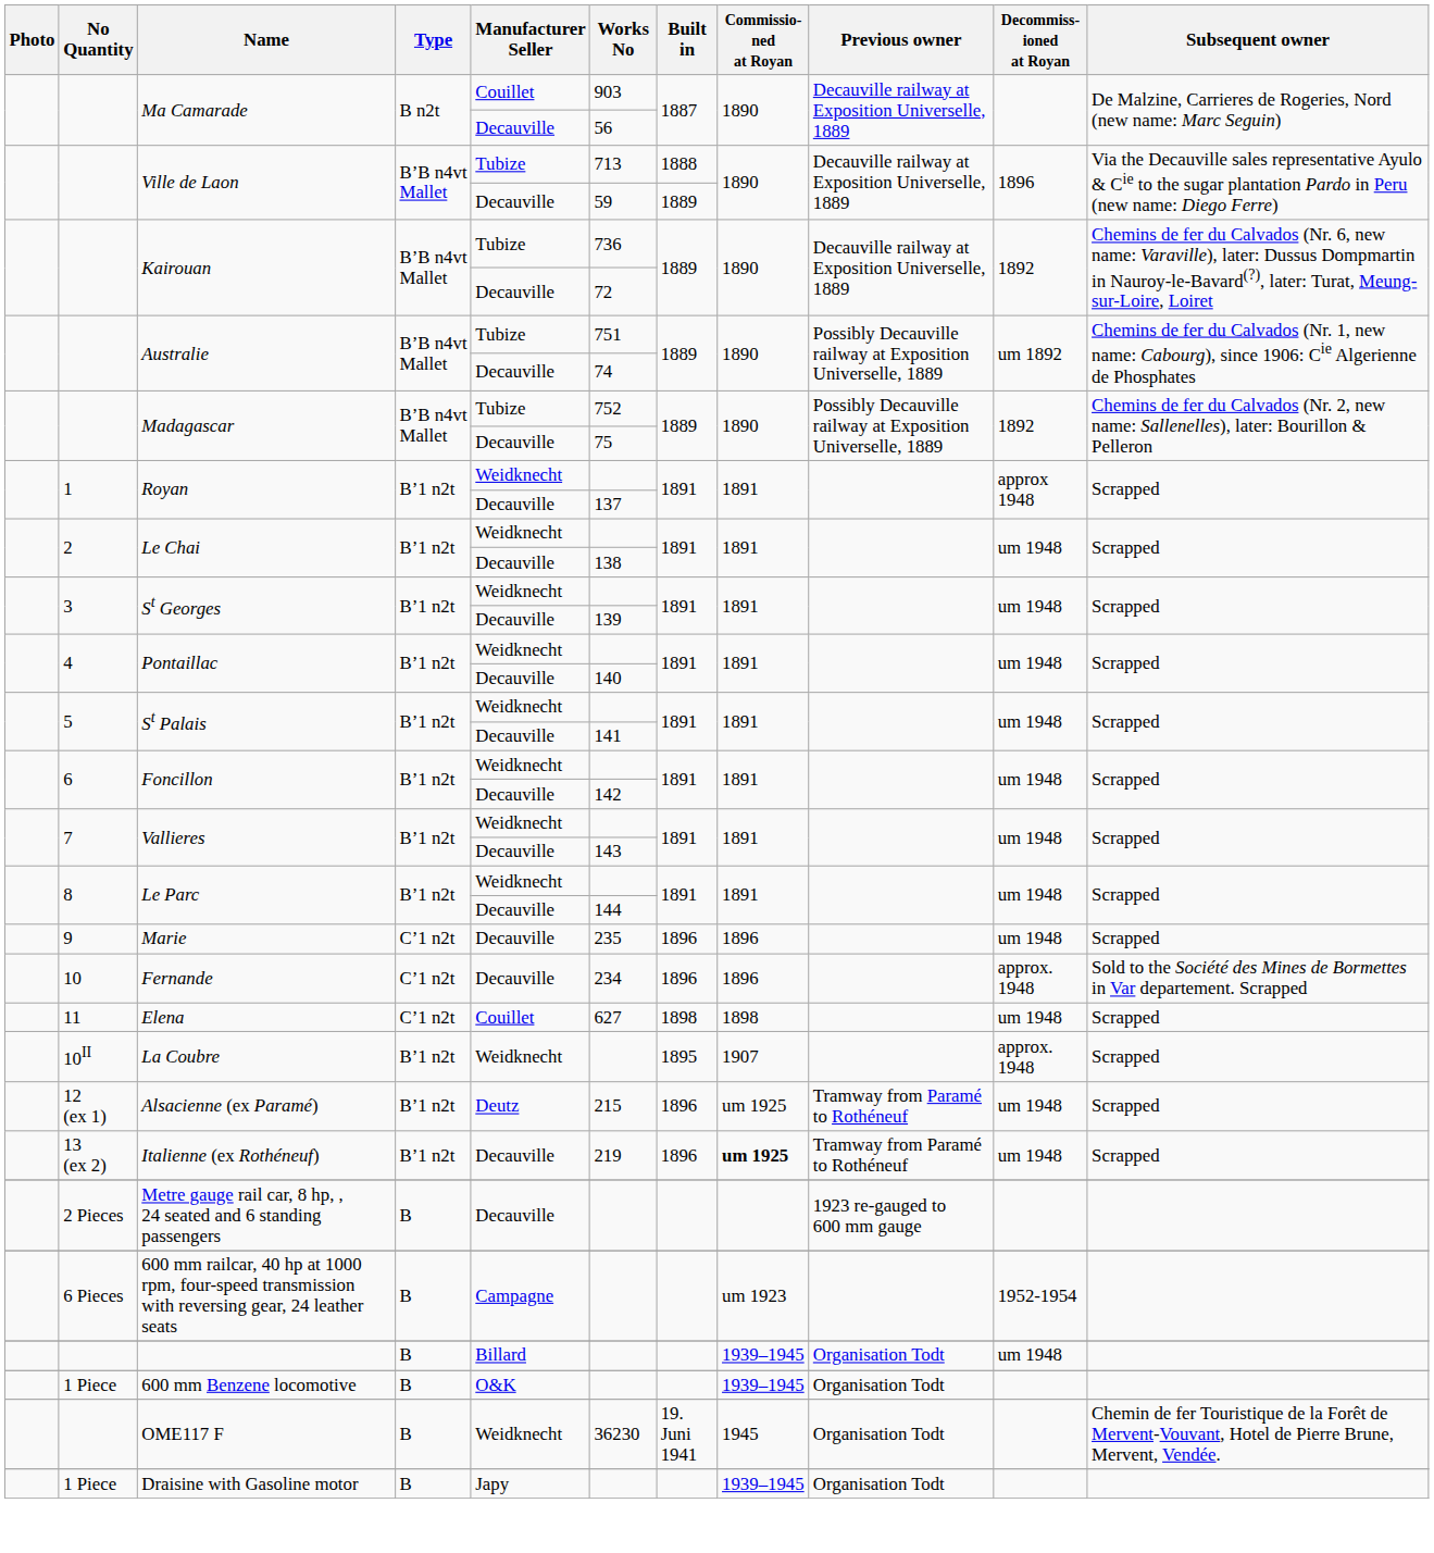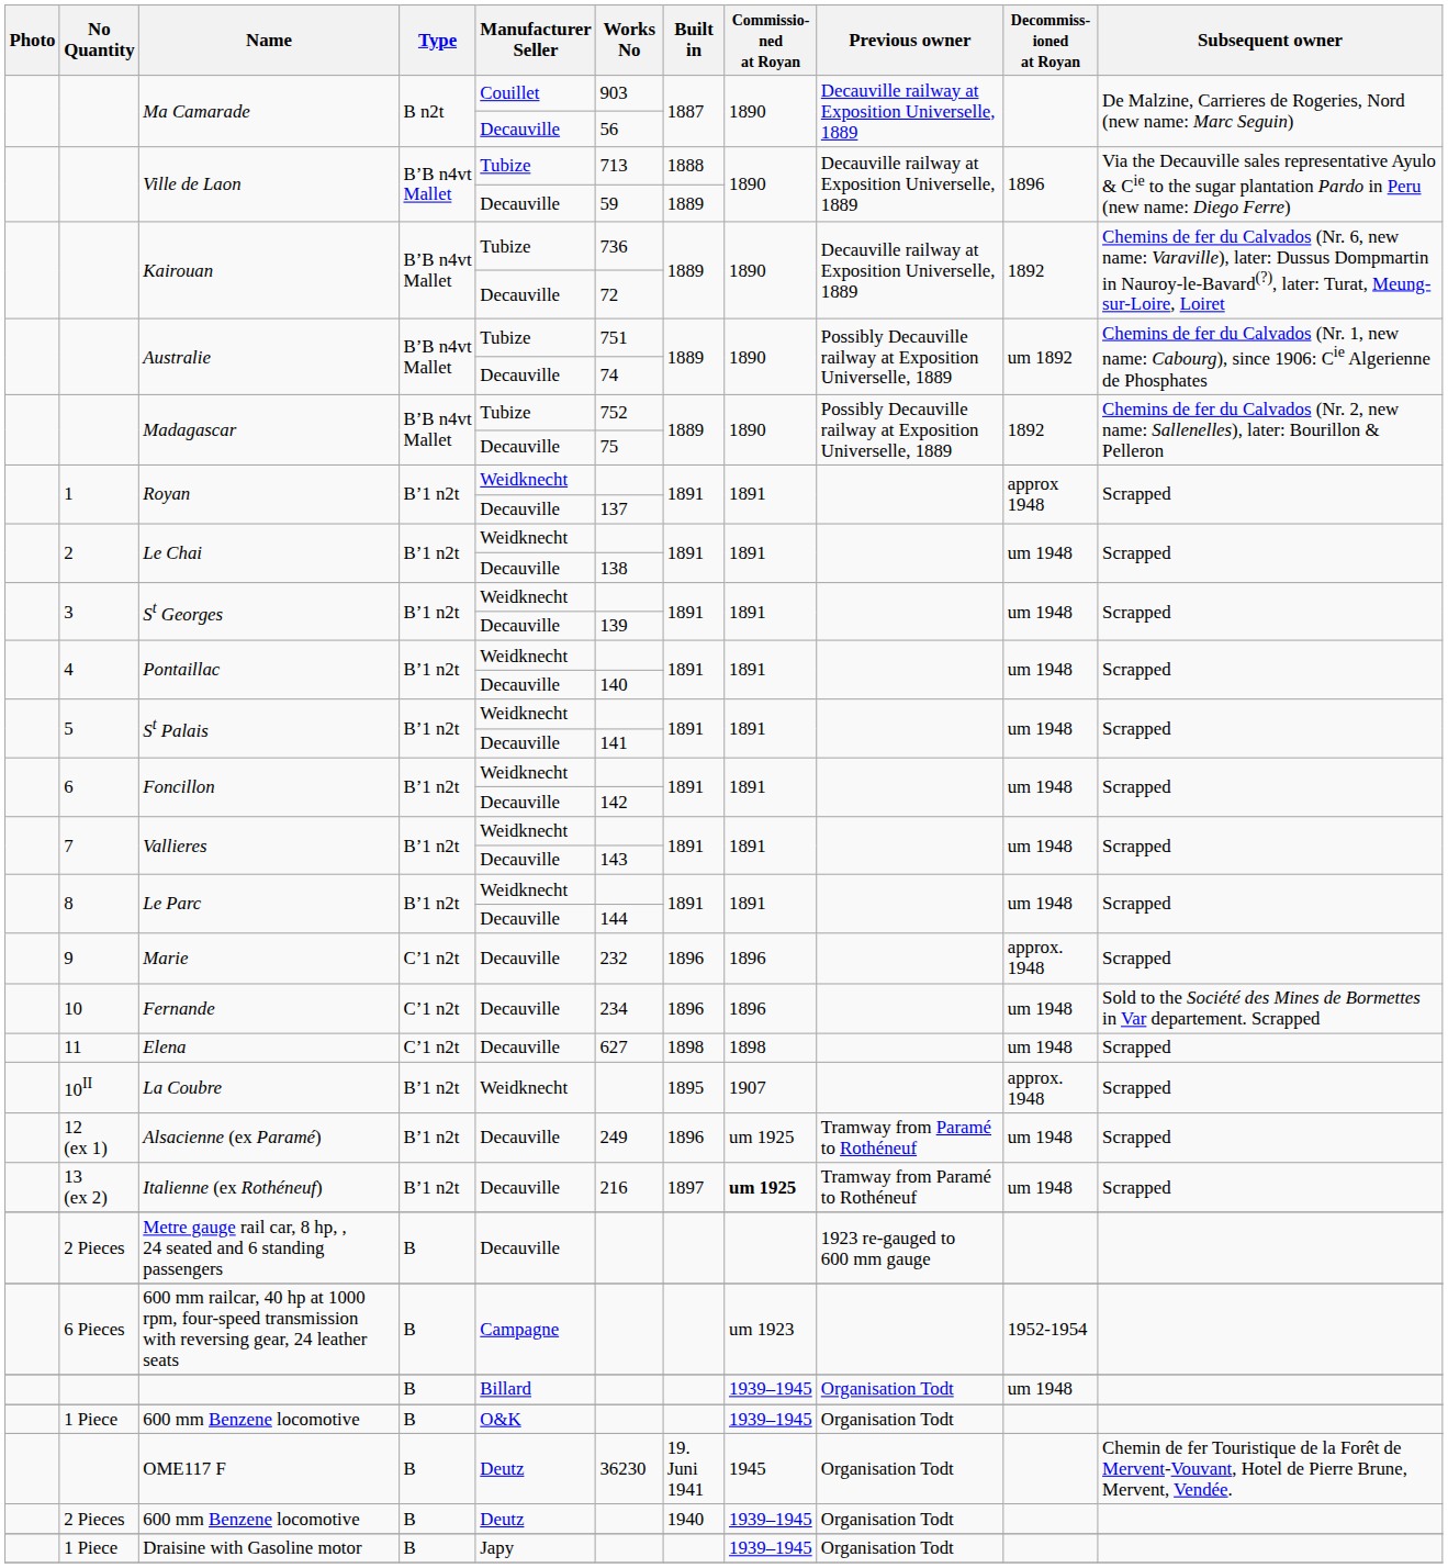 <table class="wikitable">
 <tr>
 <th>Photo</th>
 <th>No<br>Quantity</th>
 <th>Name</th>
 <th><a href='#'>Type</a></th>
 <th>Manufacturer<br> Seller</th>
 <th>Works No</th>
 <th>Built in</th>
 <th><small>Commis­sio­ned at Royan</small></th>
 <th>Previous owner</th>
 <th><small>Decom­miss­io­ned at Royan</small></th>
 <th>Subsequent owner</th>
 </tr>
 <tr>
 <td rowspan="2"></td>
 <td rowspan="2"></td>
 <td rowspan="2"><em>Ma Camarade</em></td>
 <td rowspan="2">B n2t</td>
 <td><a href='#'>Couillet</a></td>
 <td>903</td>
 <td rowspan="2">1887</td>
 <td rowspan="2">1890</td>
 <td rowspan="2"><a href='#'>Decauville railway at Exposition Universelle, 1889</a></td>
 <td rowspan="2"></td>
 <td rowspan="2">De Malzine, Carrieres de Rogeries, Nord (new name: <em>Marc Seguin</em>)</td>
 </tr>
 <tr>
 <td><a href='#'>Decauville</a></td>
 <td>56<br> </td>
 </tr>
 <tr>
 <td rowspan="2"></td>
 <td rowspan="2"></td>
 <td rowspan="2"><em>Ville de Laon</em></td>
 <td rowspan="2">B’B n4vt<br> <a href='#'>Mallet</a></td>
 <td><a href='#'>Tubize</a></td>
 <td>713</td>
 <td>1888</td>
 <td rowspan="2">1890</td>
 <td rowspan="2">Decauville railway at Exposition Universelle, 1889</td>
 <td rowspan="2">1896</td>
 <td rowspan="2">Via the Decauville sales representative Ayulo & C<sup>ie</sup> to the sugar plantation <em>Pardo</em> in <a href='#'>Peru</a> (new name: <em>Diego Ferre</em>)</td>
 </tr>
 <tr>
 <td>Decauville</td>
 <td>59</td>
 <td>1889<br></td>
 </tr>
 <tr>
 <td rowspan="2"></td>
 <td rowspan="2"></td>
 <td rowspan="2"><em>Kairouan</em></td>
 <td rowspan="2">B’B n4vt<br> Mallet</td>
 <td>Tubize</td>
 <td>736</td>
 <td rowspan="2">1889</td>
 <td rowspan="2">1890</td>
 <td rowspan="2">Decauville railway at Exposition Universelle, 1889</td>
 <td rowspan="2">1892</td>
 <td rowspan="2"><a href='#'>Chemins de fer du Calvados</a> (Nr. 6, new name: <em>Varaville</em>), later: Dussus Dompmartin in Nauroy-le-Bavard<sup>(?)</sup>, later: Turat, <a href='#'>Meung-sur-Loire</a>, <a href='#'>Loiret</a></td>
 </tr>
 <tr>
 <td>Decauville</td>
 <td>72<br> </td>
 </tr>
 <tr>
 <td rowspan="2"></td>
 <td rowspan="2"></td>
 <td rowspan="2"><em>Australie</em></td>
 <td rowspan="2">B’B n4vt<br> Mallet</td>
 <td>Tubize</td>
 <td>751</td>
 <td rowspan="2">1889</td>
 <td rowspan="2">1890</td>
 <td rowspan="2">Possibly Decauville railway at Exposition Universelle, 1889</td>
 <td rowspan="2">um 1892</td>
 <td rowspan="2"><a href='#'>Chemins de fer du Calvados</a> (Nr. 1, new name: <em>Cabourg</em>), since 1906: C<sup>ie</sup> Algerienne de Phosphates</td>
 </tr>
 <tr>
 <td>Decauville</td>
 <td>74<br> </td>
 </tr>
 <tr>
 <td rowspan="2"></td>
 <td rowspan="2"></td>
 <td rowspan="2"><em>Madagascar</em></td>
 <td rowspan="2">B’B n4vt<br> Mallet</td>
 <td>Tubize</td>
 <td>752</td>
 <td rowspan="2">1889</td>
 <td rowspan="2">1890</td>
 <td rowspan="2">Possibly Decauville railway at Exposition Universelle, 1889</td>
 <td rowspan="2">1892</td>
 <td rowspan="2"><a href='#'>Chemins de fer du Calvados</a> (Nr. 2, new name: <em>Sallenelles</em>), later: Bourillon & Pelleron</td>
 </tr>
 <tr>
 <td>Decauville</td>
 <td>75<br> </td>
 </tr>
 <tr>
 <td rowspan="2"></td>
 <td rowspan="2">1</td>
 <td rowspan="2"><em>Royan</em></td>
 <td rowspan="2">B’1 n2t</td>
 <td><a href='#'>Weidknecht</a></td>
 <td></td>
 <td rowspan="2">1891</td>
 <td rowspan="2">1891</td>
 <td rowspan="2"></td>
 <td rowspan="2">approx 1948</td>
 <td rowspan="2">Scrapped</td>
 </tr>
 <tr>
 <td>Decauville</td>
 <td>137<br> </td>
 </tr>
 <tr>
 <td rowspan="2"></td>
 <td rowspan="2">2</td>
 <td rowspan="2"><em>Le Chai</em></td>
 <td rowspan="2">B’1 n2t</td>
 <td>Weidknecht</td>
 <td></td>
 <td rowspan="2">1891</td>
 <td rowspan="2">1891</td>
 <td rowspan="2"></td>
 <td rowspan="2">um 1948</td>
 <td rowspan="2">Scrapped</td>
 </tr>
 <tr>
 <td>Decauville</td>
 <td>138<br> </td>
 </tr>
 <tr>
 <td rowspan="2"></td>
 <td rowspan="2">3</td>
 <td rowspan="2"><em>S<sup>t</sup> Georges</em></td>
 <td rowspan="2">B’1 n2t</td>
 <td>Weidknecht</td>
 <td></td>
 <td rowspan="2">1891</td>
 <td rowspan="2">1891</td>
 <td rowspan="2"></td>
 <td rowspan="2">um 1948</td>
 <td rowspan="2">Scrapped</td>
 </tr>
 <tr>
 <td>Decauville</td>
 <td>139<br> </td>
 </tr>
 <tr>
 <td rowspan="2"></td>
 <td rowspan="2">4</td>
 <td rowspan="2"><em>Pontaillac</em></td>
 <td rowspan="2">B’1 n2t</td>
 <td>Weidknecht</td>
 <td></td>
 <td rowspan="2">1891</td>
 <td rowspan="2">1891</td>
 <td rowspan="2"></td>
 <td rowspan="2">um 1948</td>
 <td rowspan="2">Scrapped</td>
 </tr>
 <tr>
 <td>Decauville</td>
 <td>140<br> </td>
 </tr>
 <tr>
 <td rowspan="2"></td>
 <td rowspan="2">5</td>
 <td rowspan="2"><em>S<sup>t</sup> Palais</em></td>
 <td rowspan="2">B’1 n2t</td>
 <td>Weidknecht</td>
 <td></td>
 <td rowspan="2">1891</td>
 <td rowspan="2">1891</td>
 <td rowspan="2"></td>
 <td rowspan="2">um 1948</td>
 <td rowspan="2">Scrapped</td>
 </tr>
 <tr>
 <td>Decauville</td>
 <td>141<br> </td>
 </tr>
 <tr>
 <td rowspan="2"></td>
 <td rowspan="2">6</td>
 <td rowspan="2"><em>Foncillon</em></td>
 <td rowspan="2">B’1 n2t</td>
 <td>Weidknecht</td>
 <td></td>
 <td rowspan="2">1891</td>
 <td rowspan="2">1891</td>
 <td rowspan="2"></td>
 <td rowspan="2">um 1948</td>
 <td rowspan="2">Scrapped</td>
 </tr>
 <tr>
 <td>Decauville</td>
 <td>142<br> </td>
 </tr>
 <tr>
 <td rowspan="2"></td>
 <td rowspan="2">7</td>
 <td rowspan="2"><em>Vallieres</em></td>
 <td rowspan="2">B’1 n2t</td>
 <td>Weidknecht</td>
 <td></td>
 <td rowspan="2">1891</td>
 <td rowspan="2">1891</td>
 <td rowspan="2"></td>
 <td rowspan="2">um 1948</td>
 <td rowspan="2">Scrapped</td>
 </tr>
 <tr>
 <td>Decauville</td>
 <td>143<br> </td>
 </tr>
 <tr>
 <td rowspan="2"></td>
 <td rowspan="2">8</td>
 <td rowspan="2"><em>Le Parc</em></td>
 <td rowspan="2">B’1 n2t</td>
 <td>Weidknecht</td>
 <td></td>
 <td rowspan="2">1891</td>
 <td rowspan="2">1891</td>
 <td rowspan="2"></td>
 <td rowspan="2">um 1948</td>
 <td rowspan="2">Scrapped</td>
 </tr>
 <tr>
 <td>Decauville</td>
 <td>144<br> </td>
 </tr>
 <tr>
 <td></td>
 <td>9</td>
 <td><em>Marie</em></td>
 <td>C’1 n2t</td>
 <td>Decauville</td>
-<td>235</td>
+<td>232</td>
 <td>1896</td>
 <td>1896</td>
 <td></td>
-<td>um 1948</td>
+<td>approx. 1948</td>
 <td>Scrapped<br> </td>
 </tr>
 <tr>
 <td></td>
 <td>10</td>
 <td><em>Fernande</em></td>
 <td>C’1 n2t</td>
 <td>Decauville</td>
 <td>234</td>
 <td>1896</td>
 <td>1896</td>
 <td></td>
-<td>approx. 1948</td>
+<td>um 1948</td>
 <td>Sold to the <em>Société des Mines de Bormettes</em> in <a href='#'>Var</a> departement. Scrapped<br> </td>
 </tr>
 <tr>
 <td></td>
 <td>11</td>
 <td><em>Elena</em></td>
 <td>C’1 n2t</td>
-<td><a href='#'>Couillet</a></td>
+<td>Decauville</td>
 <td>627</td>
 <td>1898</td>
 <td>1898</td>
 <td></td>
 <td>um 1948</td>
 <td>Scrapped<br> </td>
 </tr>
 <tr>
 <td></td>
 <td>10<sup>II</sup></td>
 <td><em>La Coubre</em></td>
 <td>B’1 n2t</td>
 <td>Weidknecht</td>
 <td></td>
 <td>1895</td>
 <td>1907</td>
 <td></td>
 <td>approx. 1948</td>
 <td>Scrapped<br> </td>
 </tr>
 <tr>
 <td></td>
 <td>12<br>(ex 1)</td>
 <td><em>Alsacienne</em> (ex <em>Paramé</em>)</td>
 <td>B’1 n2t</td>
-<td><a href='#'>Deutz</a></td>
-<td>215</td>
+<td>Decauville</td>
+<td>249</td>
 <td>1896</td>
 <td>um 1925</td>
 <td>Tramway from <a href='#'>Paramé</a> to <a href='#'>Rothéneuf</a></td>
 <td>um 1948</td>
 <td>Scrapped<br> </td>
 </tr>
 <tr>
 <td></td>
 <td>13<br>(ex 2)</td>
 <td><em>Italienne</em> (ex <em>Rothéneuf</em>)</td>
 <td>B’1 n2t</td>
 <td>Decauville</td>
-<td>219</td>
-<td>1896</td>
+<td>216</td>
+<td>1897</td>
 <td><strong>um 1925</strong></td>
 <td>Tramway from Paramé to Rothéneuf</td>
 <td>um 1948</td>
 <td>Scrapped</td>
 </tr>
 <tr>
 </tr>
 <tr>
 <td></td>
 <td>2 Pieces</td>
 <td><a href='#'>Metre gauge</a> rail car, 8 hp, , 24 seated and 6 standing passengers</td>
 <td>B</td>
 <td>Decauville</td>
 <td></td>
 <td></td>
 <td></td>
 <td>1923 re-gauged to  600 mm gauge</td>
 <td></td>
 <td></td>
 </tr>
 <tr>
 </tr>
 <tr>
 <td></td>
 <td>6 Pieces</td>
 <td>600 mm railcar, 40 hp at 1000 rpm, four-speed transmission with reversing gear, 24 leather seats</td>
 <td>B</td>
 <td><a href='#'>Campagne</a></td>
 <td></td>
 <td></td>
 <td>um 1923</td>
 <td></td>
 <td>1952-1954</td>
 <td></td>
 </tr>
 <tr>
 </tr>
 <tr>
 <td></td>
 <td></td>
 <td></td>
 <td>B</td>
 <td><a href='#'>Billard</a></td>
 <td></td>
 <td></td>
 <td><a href='#'>1939–1945</a></td>
 <td><a href='#'>Organisation Todt</a></td>
 <td>um 1948</td>
 <td></td>
 </tr>
 <tr>
 </tr>
 <tr>
 <td></td>
 <td>1 Piece</td>
 <td>600 mm <a href='#'>Benzene</a> locomotive</td>
 <td>B</td>
 <td><a href='#'>O&K</a></td>
 <td></td>
 <td></td>
 <td><a href='#'>1939–1945</a></td>
 <td>Organisation Todt</td>
 <td></td>
 <td></td>
 </tr>
 <tr>
 </tr>
 <tr>
 <td></td>
 <td></td>
 <td>OME117 F</td>
 <td>B</td>
-<td>Weidknecht</td>
+<td><a href='#'>Deutz</a></td>
 <td>36230</td>
 <td>19. Juni 1941</td>
 <td>1945</td>
 <td>Organisation Todt</td>
 <td></td>
 <td>Chemin de fer Touristique de la Forêt de <a href='#'>Mervent</a>-<a href='#'>Vouvant</a>, Hotel de Pierre Brune, Mervent, <a href='#'>Vendée</a>.<br> </td>
+</tr>
+<tr>
+<td></td>
+<td>2 Pieces</td>
+<td>600 mm <a href='#'>Benzene</a> locomotive</td>
+<td>B</td>
+<td><a href='#'>Deutz</a></td>
+<td></td>
+<td>1940</td>
+<td><a href='#'>1939–1945</a></td>
+<td>Organisation Todt</td>
+<td></td>
+<td></td>
 </tr>
 <tr>
 </tr>
 <tr>
 <td></td>
 <td>1 Piece</td>
 <td>Draisine with Gasoline motor</td>
 <td>B</td>
 <td>Japy</td>
 <td></td>
 <td></td>
 <td><a href='#'>1939–1945</a></td>
 <td>Organisation Todt</td>
 <td></td>
 <td></td>
 </tr>
 <tr>
 </tr>
 </table>
